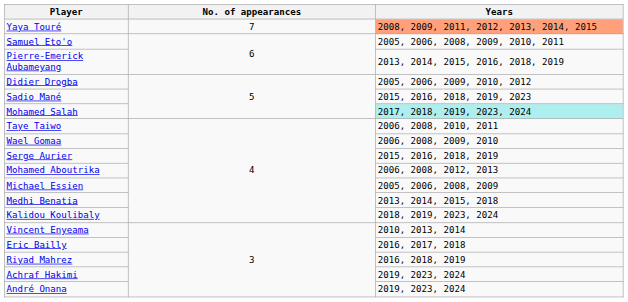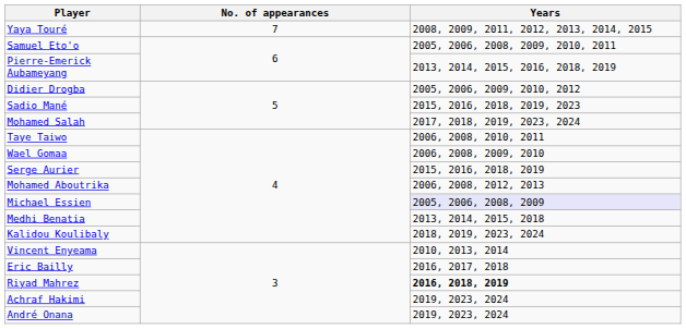 <table class="wikitable" style="width:70%;">
 <tr>
 <th style="width:20%;">Player</th>
 <th style="width:10;">No. of appearances</th>
 <th style="width:40%;">Years</th>
 </tr>
 <tr>
 <td> <a href='#'>Yaya Touré</a></td>
 <td align="center">7</td>
-<td style="background: lightsalmon;">2008, 2009, 2011, 2012, 2013, 2014, 2015</td>
+<td>2008, 2009, 2011, 2012, 2013, 2014, 2015</td>
 </tr>
 <tr>
 <td> <a href='#'>Samuel Eto'o</a></td>
 <td rowspan="2" align="center">6</td>
 <td>2005, 2006, 2008, 2009, 2010, 2011</td>
 </tr>
 <tr>
 <td> <a href='#'>Pierre-Emerick Aubameyang</a></td>
 <td>2013, 2014, 2015, 2016, 2018, 2019</td>
 </tr>
 <tr>
 <td> <a href='#'>Didier Drogba</a></td>
 <td rowspan="3" align="center">5</td>
 <td>2005, 2006, 2009, 2010, 2012</td>
 </tr>
 <tr>
 <td> <a href='#'>Sadio Mané</a></td>
 <td>2015, 2016, 2018, 2019, 2023</td>
 </tr>
 <tr>
 <td> <a href='#'>Mohamed Salah</a></td>
-<td style="background: paleturquoise;">2017, 2018, 2019, 2023, 2024</td>
+<td>2017, 2018, 2019, 2023, 2024</td>
 </tr>
 <tr>
 <td> <a href='#'>Taye Taiwo</a></td>
 <td rowspan="7" align="center">4</td>
 <td>2006, 2008, 2010, 2011</td>
 </tr>
 <tr>
 <td> <a href='#'>Wael Gomaa</a></td>
 <td>2006, 2008, 2009, 2010</td>
 </tr>
 <tr>
 <td> <a href='#'>Serge Aurier</a></td>
 <td>2015, 2016, 2018, 2019</td>
 </tr>
 <tr>
 <td> <a href='#'>Mohamed Aboutrika</a></td>
 <td>2006, 2008, 2012, 2013</td>
 </tr>
 <tr>
 <td> <a href='#'>Michael Essien</a></td>
-<td>2005, 2006, 2008, 2009</td>
+<td style="background: lavender;">2005, 2006, 2008, 2009</td>
 </tr>
 <tr>
 <td> <a href='#'>Medhi Benatia</a></td>
 <td>2013, 2014, 2015, 2018</td>
 </tr>
 <tr>
 <td> <a href='#'>Kalidou Koulibaly</a></td>
 <td>2018, 2019, 2023, 2024</td>
 </tr>
 <tr>
 <td> <a href='#'>Vincent Enyeama</a></td>
 <td rowspan="5" align="center">3</td>
 <td>2010, 2013, 2014</td>
 </tr>
 <tr>
 <td> <a href='#'>Eric Bailly</a></td>
 <td>2016, 2017, 2018</td>
 </tr>
 <tr>
 <td> <a href='#'>Riyad Mahrez</a></td>
-<td>2016, 2018, 2019</td>
+<td><strong>2016, 2018, 2019</strong></td>
 </tr>
 <tr>
 <td> <a href='#'>Achraf Hakimi</a></td>
 <td>2019, 2023, 2024</td>
 </tr>
 <tr>
 <td> <a href='#'>André Onana</a></td>
 <td>2019, 2023, 2024</td>
 </tr>
 </table>
